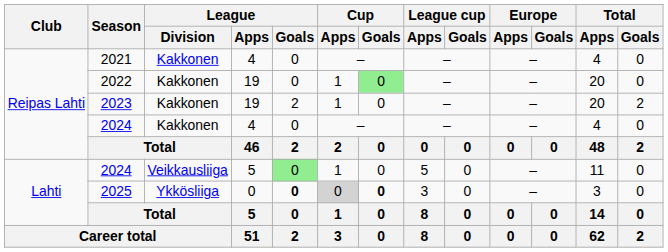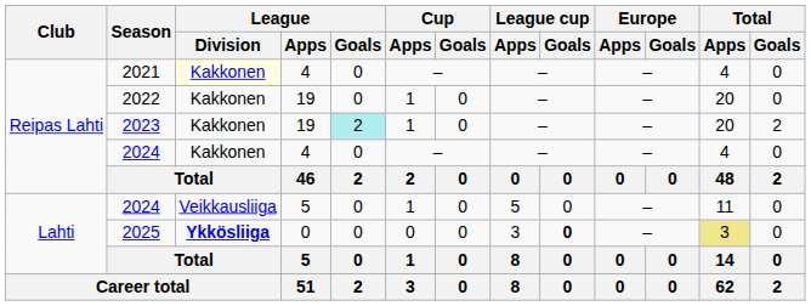 <table class="wikitable" style="text-align:center">
 <tr>
 <th rowspan="2">Club</th>
 <th rowspan="2">Season</th>
 <th colspan="3">League</th>
 <th colspan="2">Cup</th>
 <th colspan="2">League cup</th>
 <th colspan="2">Europe</th>
 <th colspan="2">Total</th>
 </tr>
 <tr>
 <th>Division</th>
 <th>Apps</th>
 <th>Goals</th>
 <th>Apps</th>
 <th>Goals</th>
 <th>Apps</th>
 <th>Goals</th>
 <th>Apps</th>
 <th>Goals</th>
 <th>Apps</th>
 <th>Goals</th>
 </tr>
 <tr>
 <td rowspan="5"><a href='#'>Reipas Lahti</a></td>
 <td>2021</td>
-<td><a href='#'>Kakkonen</a></td>
+<td style="background: lightyellow;"><a href='#'>Kakkonen</a></td>
 <td>4</td>
 <td>0</td>
 <td colspan=2>–</td>
 <td colspan=2>–</td>
 <td colspan=2>–</td>
 <td>4</td>
 <td>0</td>
 </tr>
 <tr>
 <td>2022</td>
 <td>Kakkonen</td>
 <td>19</td>
 <td>0</td>
 <td>1</td>
-<td style="background: lightgreen;">0</td>
+<td>0</td>
 <td colspan=2>–</td>
 <td colspan=2>–</td>
 <td>20</td>
 <td>0</td>
 </tr>
 <tr>
 <td><a href='#'>2023</a></td>
 <td>Kakkonen</td>
 <td>19</td>
-<td>2</td>
+<td style="background: paleturquoise;">2</td>
 <td>1</td>
 <td>0</td>
 <td colspan=2>–</td>
 <td colspan=2>–</td>
 <td>20</td>
 <td>2</td>
 </tr>
 <tr>
 <td><a href='#'>2024</a></td>
 <td>Kakkonen</td>
 <td>4</td>
 <td>0</td>
 <td colspan=2>–</td>
 <td colspan=2>–</td>
 <td colspan=2>–</td>
 <td>4</td>
 <td>0</td>
 </tr>
 <tr>
 <th colspan=2>Total</th>
 <th>46</th>
 <th>2</th>
 <th>2</th>
 <th>0</th>
 <th>0</th>
 <th>0</th>
 <th>0</th>
 <th>0</th>
 <th>48</th>
 <th>2</th>
 </tr>
 <tr>
 <td rowspan=3><a href='#'>Lahti</a></td>
 <td><a href='#'>2024</a></td>
 <td><a href='#'>Veikkausliiga</a></td>
 <td>5</td>
-<td style="background: lightgreen;">0</td>
+<td>0</td>
 <td>1</td>
 <td>0</td>
 <td>5</td>
 <td>0</td>
 <td colspan=2>–</td>
 <td>11</td>
 <td>0</td>
 </tr>
 <tr>
 <td><a href='#'>2025</a></td>
-<td><a href='#'>Ykkösliiga</a></td>
+<td><strong><a href='#'>Ykkösliiga</a></strong></td>
 <td>0</td>
+<td>0</td>
+<td>0</td>
+<td>0</td>
+<td>3</td>
 <td><strong>0</strong></td>
-<td style="background: lightgrey;">0</td>
-<td><strong>0</strong></td>
-<td>3</td>
-<td>0</td>
 <td colspan=2>–</td>
-<td>3</td>
+<td style="background: khaki;">3</td>
 <td>0</td>
 </tr>
 <tr>
 <th colspan=2>Total</th>
 <th>5</th>
 <th>0</th>
 <th>1</th>
 <th>0</th>
 <th>8</th>
 <th>0</th>
 <th>0</th>
 <th>0</th>
 <th>14</th>
 <th>0</th>
 </tr>
 <tr>
 <th colspan="3">Career total</th>
 <th>51</th>
 <th>2</th>
 <th>3</th>
 <th>0</th>
 <th>8</th>
 <th>0</th>
 <th>0</th>
 <th>0</th>
 <th>62</th>
 <th>2</th>
 </tr>
 </table>
